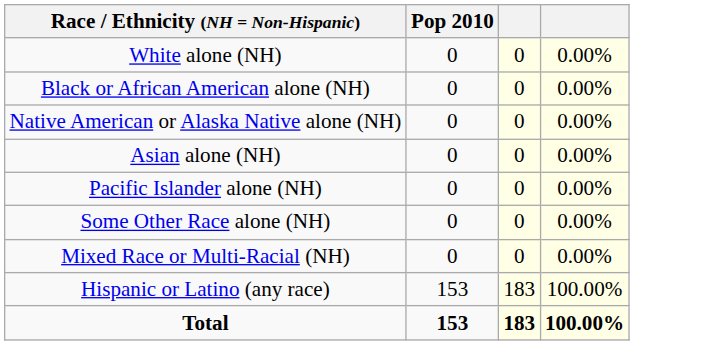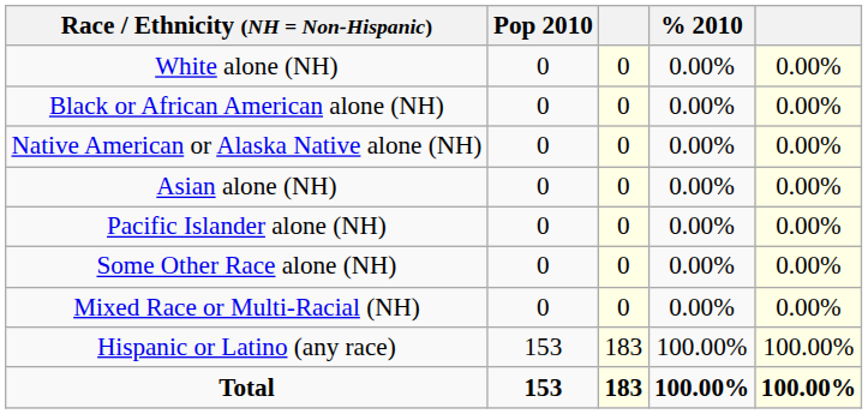 <table class="wikitable" style="text-align:center;">
 <tr>
 <th>Race / Ethnicity <small>(<em>NH = Non-Hispanic</em>)</small></th>
 <th>Pop 2010</th>
 <th></th>
+<th>% 2010</th>
 <th></th>
 </tr>
 <tr>
 <td><a href='#'>White</a> alone (NH)</td>
 <td>0</td>
 <td style='background: #ffffe6;'>0</td>
+<td>0.00%</td>
 <td style='background: #ffffe6;'>0.00%</td>
 </tr>
 <tr>
 <td><a href='#'>Black or African American</a> alone (NH)</td>
 <td>0</td>
 <td style='background: #ffffe6;'>0</td>
+<td>0.00%</td>
 <td style='background: #ffffe6;'>0.00%</td>
 </tr>
 <tr>
 <td><a href='#'>Native American</a> or <a href='#'>Alaska Native</a> alone (NH)</td>
 <td>0</td>
 <td style='background: #ffffe6;'>0</td>
+<td>0.00%</td>
 <td style='background: #ffffe6;'>0.00%</td>
 </tr>
 <tr>
 <td><a href='#'>Asian</a> alone (NH)</td>
 <td>0</td>
 <td style='background: #ffffe6;'>0</td>
+<td>0.00%</td>
 <td style='background: #ffffe6;'>0.00%</td>
 </tr>
 <tr>
 <td><a href='#'>Pacific Islander</a> alone (NH)</td>
 <td>0</td>
 <td style='background: #ffffe6;'>0</td>
+<td>0.00%</td>
 <td style='background: #ffffe6;'>0.00%</td>
 </tr>
 <tr>
 <td><a href='#'>Some Other Race</a> alone (NH)</td>
 <td>0</td>
 <td style='background: #ffffe6;'>0</td>
+<td>0.00%</td>
 <td style='background: #ffffe6;'>0.00%</td>
 </tr>
 <tr>
 <td><a href='#'>Mixed Race or Multi-Racial</a> (NH)</td>
 <td>0</td>
 <td style='background: #ffffe6;'>0</td>
+<td>0.00%</td>
 <td style='background: #ffffe6;'>0.00%</td>
 </tr>
 <tr>
 <td><a href='#'>Hispanic or Latino</a> (any race)</td>
 <td>153</td>
 <td style='background: #ffffe6;'>183</td>
+<td>100.00%</td>
 <td style='background: #ffffe6;'>100.00%</td>
 </tr>
 <tr>
 <td><strong>Total</strong></td>
 <td><strong>153</strong></td>
 <td style='background: #ffffe6;'><strong>183</strong></td>
+<td><strong>100.00%</strong></td>
 <td style='background: #ffffe6;'><strong>100.00%</strong></td>
 </tr>
 </table>
